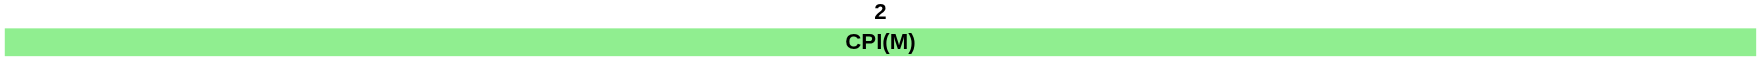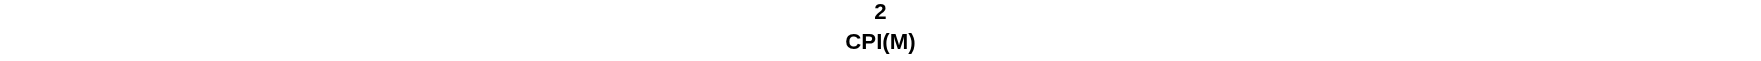 <table style="width:100%; text-align:center;">
 <tr>
 <td style="background:"><strong>2</strong></td>
 </tr>
 <tr>
-<td style="background: lightgreen;"><span><strong>CPI(M)</strong></span></td>
+<td><span><strong>CPI(M)</strong></span></td>
 </tr>
 </table>
